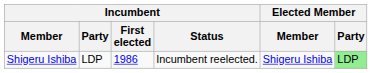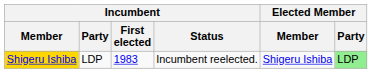 <table class="wikitable sortable">
 <tr>
 <th colspan=4>Incumbent</th>
 <th colspan=2>Elected Member</th>
 </tr>
 <tr>
 <th>Member</th>
 <th>Party</th>
 <th>First<br>elected</th>
 <th>Status</th>
 <th>Member</th>
 <th>Party</th>
 </tr>
 <tr>
-<td><a href='#'>Shigeru Ishiba</a></td>
+<td style="background: gold;"><a href='#'>Shigeru Ishiba</a></td>
 <td>LDP</td>
-<td><a href='#'>1986</a></td>
+<td><a href='#'>1983</a></td>
 <td>Incumbent reelected.</td>
 <td><a href='#'>Shigeru Ishiba</a></td>
 <td style="background: lightgreen;">LDP</td>
 </tr>
 </table>
